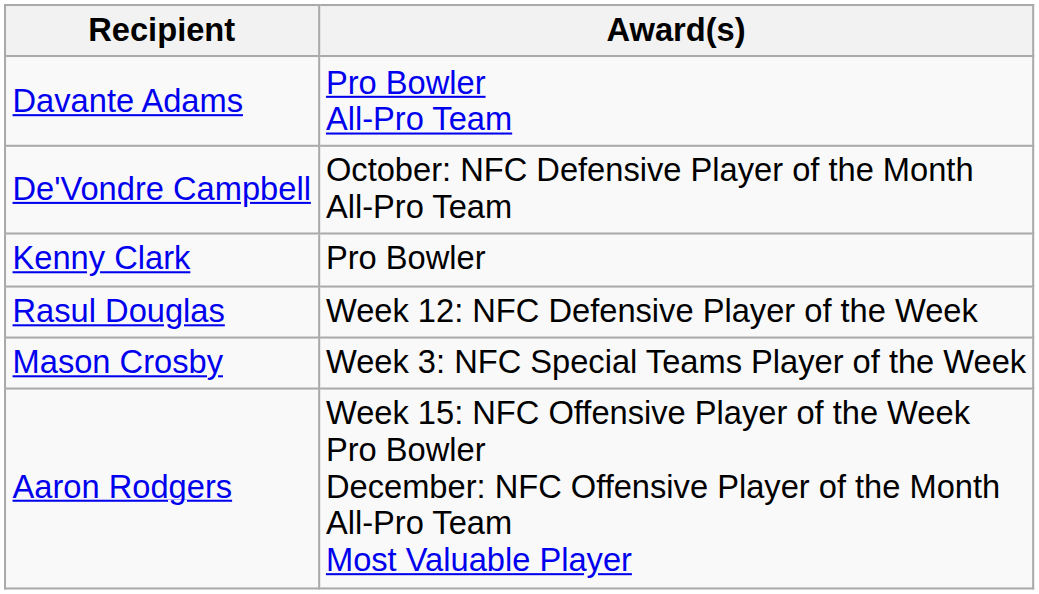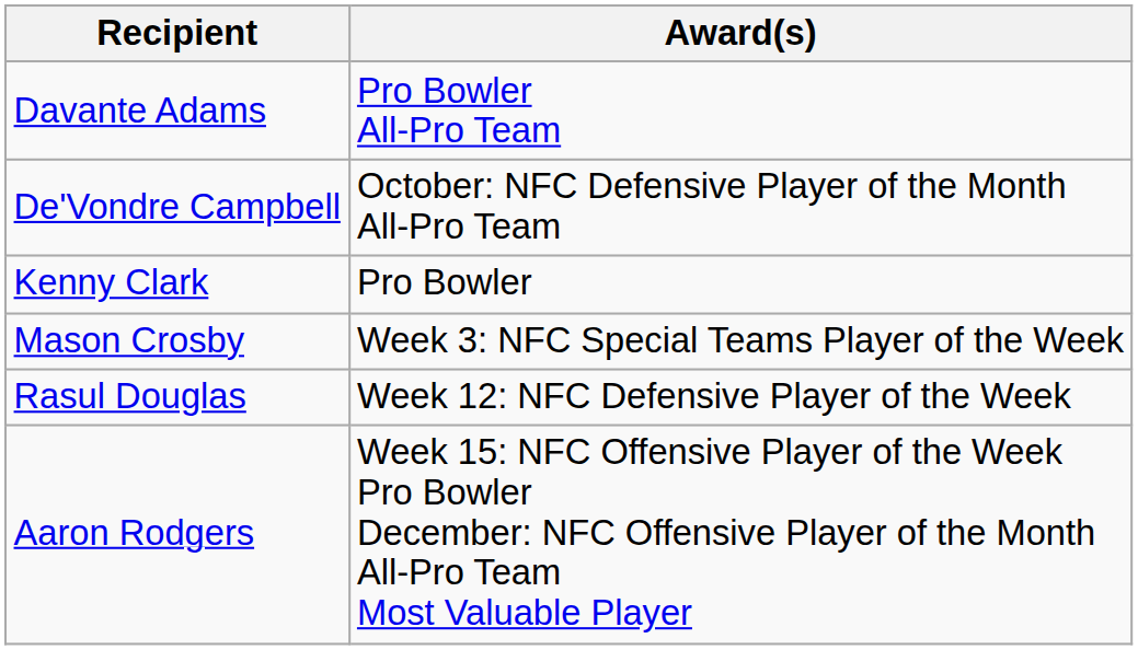 <table class="wikitable">
 <tr>
 <th>Recipient</th>
 <th>Award(s)</th>
 </tr>
 <tr>
 <td><a href='#'>Davante Adams</a></td>
 <td><a href='#'>Pro Bowler</a><br><a href='#'>All-Pro Team</a></td>
 </tr>
 <tr>
 <td><a href='#'>De'Vondre Campbell</a></td>
 <td>October: NFC Defensive Player of the Month<br>All-Pro Team</td>
 </tr>
 <tr>
 <td><a href='#'>Kenny Clark</a></td>
 <td>Pro Bowler</td>
 </tr>
 <tr>
+<td><a href='#'>Mason Crosby</a></td>
+<td>Week 3: NFC Special Teams Player of the Week</td>
+</tr>
+<tr>
 <td><a href='#'>Rasul Douglas</a></td>
 <td>Week 12: NFC Defensive Player of the Week</td>
-</tr>
-<tr>
-<td><a href='#'>Mason Crosby</a></td>
-<td>Week 3: NFC Special Teams Player of the Week</td>
 </tr>
 <tr>
 <td><a href='#'>Aaron Rodgers</a></td>
 <td>Week 15: NFC Offensive Player of the Week<br>Pro Bowler<br>December: NFC Offensive Player of the Month<br>All-Pro Team<br><a href='#'>Most Valuable Player</a></td>
 </tr>
 </table>
